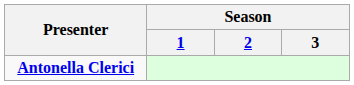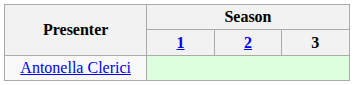 <table class="wikitable" style="text-align:center; width: auto">
 <tr>
 <th rowspan="2" width="135">Presenter</th>
 <th colspan="3">Season</th>
 </tr>
 <tr>
 <th width="60"><a href='#'>1</a></th>
 <th width="60"><a href='#'>2</a></th>
 <th width="60">3</th>
 </tr>
 <tr>
-<td><strong><a href='#'>Antonella Clerici</a></strong></td>
+<td><a href='#'>Antonella Clerici</a></td>
 <td colspan="3" style="background:#ddffdd"></td>
 </tr>
 </table>
